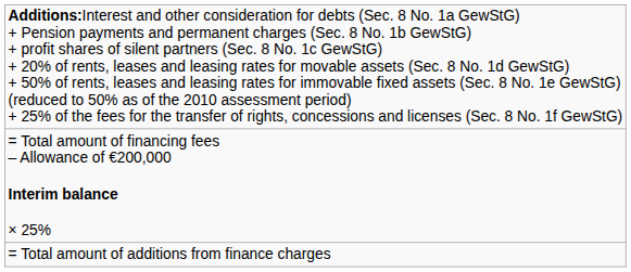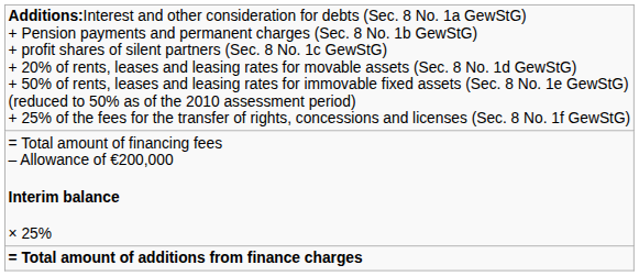 <table class="wikitable">
 <tr>
 <td><strong>Additions:</strong>Interest and other consideration for debts (Sec. 8 No. 1a GewStG)<br>+ Pension payments and permanent charges (Sec. 8 No. 1b GewStG)<br>+ profit shares of silent partners (Sec. 8 No. 1c GewStG)<br>+ 20% of rents, leases and leasing rates for movable assets (Sec. 8 No. 1d GewStG)<br>+ 50% of rents, leases and leasing rates for immovable fixed assets (Sec. 8 No. 1e GewStG)<br>(reduced to 50% as of the 2010 assessment period)<br>+ 25% of the fees for the transfer of rights, concessions and licenses (Sec. 8 No. 1f GewStG)</td>
 </tr>
 <tr>
 <td>= Total amount of financing fees<br>– Allowance of €200,000<h4>Interim balance</h4>× 25%</td>
 </tr>
 <tr>
-<td>= Total amount of additions from finance charges</td>
+<td><strong>= Total amount of additions from finance charges</strong></td>
 </tr>
 </table>
